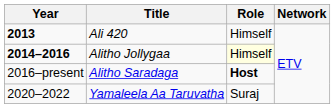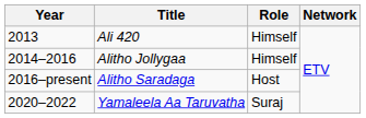 <table class="wikitable sortable">
 <tr>
 <th scope="col">Year</th>
 <th scope="col">Title</th>
 <th scope="col">Role</th>
 <th scope="col">Network</th>
 </tr>
 <tr>
-<td><strong>2013</strong></td>
+<td>2013</td>
 <td><em>Ali 420</em></td>
 <td>Himself</td>
 <td rowspan="4"><a href='#'>ETV</a></td>
 </tr>
 <tr>
-<td><strong>2014–2016</strong></td>
+<td>2014–2016</td>
 <td><em>Alitho Jollygaa</em></td>
-<td style="background: lightyellow;">Himself</td>
+<td>Himself</td>
 </tr>
 <tr>
 <td>2016–present</td>
 <td><em><a href='#'>Alitho Saradaga</a></em></td>
-<td><strong>Host</strong></td>
+<td>Host</td>
 </tr>
 <tr>
 <td>2020–2022</td>
 <td><em><a href='#'>Yamaleela Aa Taruvatha</a></em></td>
 <td>Suraj</td>
 </tr>
 </table>
